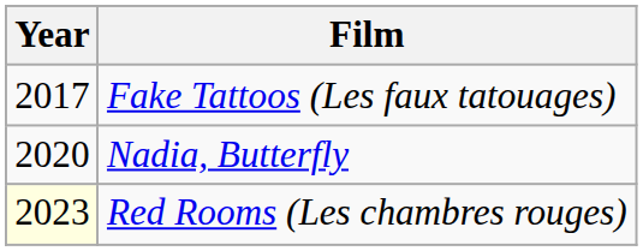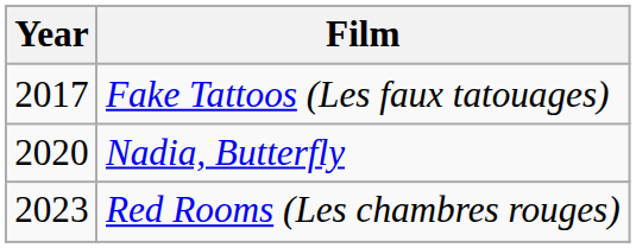 <table class="wikitable sortable">
 <tr>
 <th>Year</th>
 <th>Film</th>
 </tr>
 <tr>
 <td>2017</td>
 <td><em><a href='#'>Fake Tattoos</a> (Les faux tatouages)</em></td>
 </tr>
 <tr>
 <td>2020</td>
 <td><em><a href='#'>Nadia, Butterfly</a></em></td>
 </tr>
 <tr>
-<td style="background: lightyellow;">2023</td>
+<td>2023</td>
 <td><em><a href='#'>Red Rooms</a> (Les chambres rouges)</em></td>
 </tr>
 </table>
